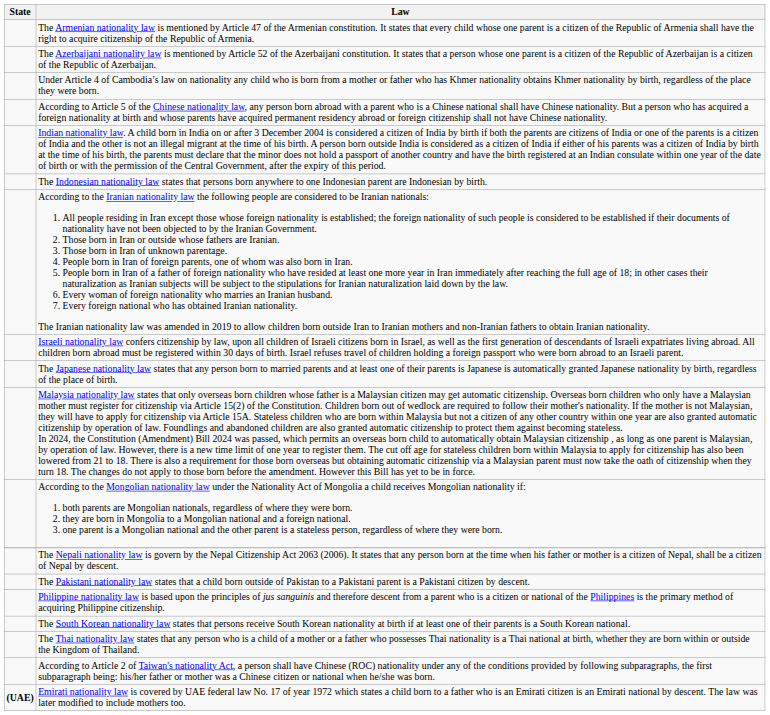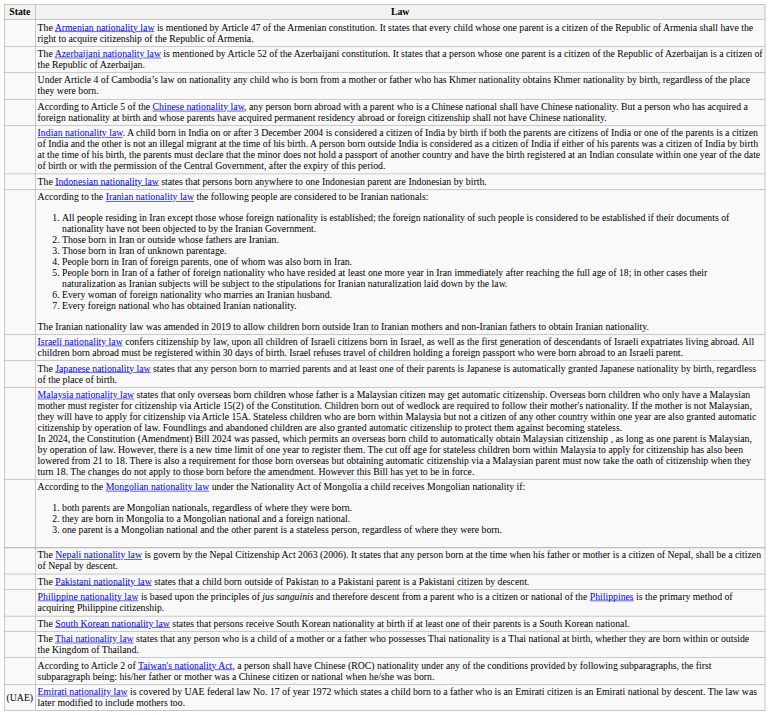 <table class="wikitable">
 <tr>
 <th>State</th>
 <th>Law</th>
 </tr>
 <tr>
 <td></td>
 <td>The <a href='#'>Armenian nationality law</a> is mentioned by Article 47 of the Armenian constitution. It states that every child whose one parent is a citizen of the Republic of Armenia shall have the right to acquire citizenship of the Republic of Armenia.</td>
 </tr>
 <tr>
 <td></td>
 <td>The <a href='#'>Azerbaijani nationality law</a> is mentioned by Article 52 of the Azerbaijani constitution. It states that a person whose one parent is a citizen of the Republic of Azerbaijan is a citizen of the Republic of Azerbaijan.</td>
 </tr>
 <tr>
 <td></td>
 <td>Under Article 4 of Cambodia’s law on nationality any child who is born from a mother or father who has Khmer nationality obtains Khmer nationality by birth, regardless of the place they were born.</td>
 </tr>
 <tr>
 <td></td>
 <td>According to Article 5 of the <a href='#'>Chinese nationality law</a>, any person born abroad with a parent who is a Chinese national shall have Chinese nationality. But a person who has acquired a foreign nationality at birth and whose parents have acquired permanent residency abroad or foreign citizenship shall not have Chinese nationality.</td>
 </tr>
 <tr>
 <td></td>
 <td><a href='#'>Indian nationality law</a>. A child born in India on or after 3 December 2004 is considered a citizen of India by birth if both the parents are citizens of India or one of the parents is a citizen of India and the other is not an illegal migrant at the time of his birth. A person born outside India is considered as a citizen of India if either of his parents was a citizen of India by birth at the time of his birth, the parents must declare that the minor does not hold a passport of another country and have the birth registered at an Indian consulate within one year of the date of birth or with the permission of the Central Government, after the expiry of this period.</td>
 </tr>
 <tr>
 <td></td>
 <td>The <a href='#'>Indonesian nationality law</a>  states that persons born anywhere to one Indonesian parent are Indonesian by birth.</td>
 </tr>
 <tr>
 <td></td>
 <td>According to the <a href='#'>Iranian nationality law</a> the following people are considered to be Iranian nationals:<br><ol><li>All people residing in Iran except those whose foreign nationality is established; the foreign nationality of such people is considered to be established if their documents of nationality have not been objected to by the Iranian Government.</li><li>Those born in Iran or outside whose fathers are Iranian.</li><li>Those born in Iran of unknown parentage.</li><li>People born in Iran of foreign parents, one of whom was also born in Iran.</li><li>People born in Iran of a father of foreign nationality who have resided at least one more year in Iran immediately after reaching the full age of 18; in other cases their naturalization as Iranian subjects will be subject to the stipulations for Iranian naturalization laid down by the law.</li><li>Every woman of foreign nationality who marries an Iranian husband.</li><li>Every foreign national who has obtained Iranian nationality.</li></ol>The Iranian nationality law was amended in 2019 to allow children born outside Iran to Iranian mothers and non-Iranian fathers to obtain Iranian nationality.</td>
 </tr>
 <tr>
 <td></td>
 <td><a href='#'>Israeli nationality law</a> confers citizenship by law, upon all children of Israeli citizens born in Israel, as well as the first generation of descendants of Israeli expatriates living abroad. All children born abroad must be registered within 30 days of birth. Israel refuses travel of children holding a foreign passport who were born abroad to an Israeli parent.</td>
 </tr>
 <tr>
 <td></td>
 <td>The <a href='#'>Japanese nationality law</a> states that any person born to married parents and at least one of their parents is Japanese is automatically granted Japanese nationality by birth, regardless of the place of birth.</td>
 </tr>
 <tr>
 <td></td>
 <td><a href='#'>Malaysia nationality law</a> states that only overseas born children whose father is a Malaysian citizen may get automatic citizenship. Overseas born children who only have a Malaysian mother must register for citizenship via Article 15(2) of the Constitution. Children born out of wedlock are required to follow their mother's nationality. If the mother is not Malaysian, they will have to apply for citizenship via Article 15A. Stateless children who are born within Malaysia but not a citizen of any other country within one year are also granted automatic citizenship by operation of law. Foundlings and abandoned children are also granted automatic citizenship to protect them against becoming stateless.<br>In 2024, the Constitution (Amendment) Bill 2024 was passed, which permits an overseas born child to automatically obtain Malaysian citizenship , as long as one parent is Malaysian, by operation of law. However, there is a new time limit of one year to register them. The cut off age for stateless children born within Malaysia to apply for citizenship has also been lowered from 21 to 18. There is also a requirement for those born overseas but obtaining automatic citizenship via a Malaysian parent must now take the oath of citizenship when they turn 18. The changes do not apply to those born before the amendment. However this Bill has yet to be in force.</td>
 </tr>
 <tr>
 <td></td>
 <td>According to the <a href='#'>Mongolian nationality law</a> under the  Nationality Act of Mongolia a child receives Mongolian nationality if:<br><ol><li>both parents are Mongolian nationals, regardless of where they were born.</li><li>they are born in Mongolia to a Mongolian national and a foreign national.</li><li>one parent is a Mongolian national and the other parent is a stateless person, regardless of where they were born.</li></ol></td>
 </tr>
 <tr>
 </tr>
 <tr>
 <td></td>
 <td>The <a href='#'>Nepali nationality law</a> is govern by the Nepal Citizenship Act 2063 (2006). It states that  any person born at the time when his father or mother is a citizen of Nepal, shall be a citizen of Nepal by descent.</td>
 </tr>
 <tr>
 <td></td>
 <td>The <a href='#'>Pakistani nationality law</a> states that a child born outside of Pakistan to a Pakistani parent  is a Pakistani citizen by descent.</td>
 </tr>
 <tr>
 <td></td>
 <td><a href='#'>Philippine nationality law</a> is based upon the principles of <em>jus sanguinis</em> and therefore descent from a parent who is a citizen or national of the <a href='#'>Philippines</a> is the primary method of acquiring Philippine citizenship.</td>
 </tr>
 <tr>
 <td></td>
 <td>The <a href='#'>South Korean nationality law</a> states that persons receive South Korean nationality at birth if at least one of their parents is a South Korean national.</td>
 </tr>
 <tr>
 <td></td>
 <td>The <a href='#'>Thai nationality law</a> states that any person who is a child of a mother or a father who possesses Thai nationality is a Thai national at birth, whether they are born within or outside the Kingdom of Thailand.</td>
 </tr>
 <tr>
 <td></td>
 <td>According to Article 2 of <a href='#'>Taiwan's nationality Act</a>, a person shall have Chinese (ROC) nationality under any of the conditions provided by following subparagraphs, the first subparagraph being: his/her father or mother was a Chinese citizen or national when he/she was born.</td>
 </tr>
 <tr>
-<td><strong> (UAE)</strong></td>
+<td> (UAE)</td>
 <td><a href='#'>Emirati nationality law</a> is covered by UAE federal law No. 17 of year 1972 which states a child born to a father who is an Emirati citizen is an Emirati national by descent. The law was later modified to include mothers too.</td>
 </tr>
 </table>
